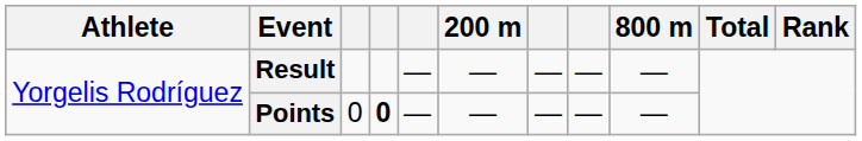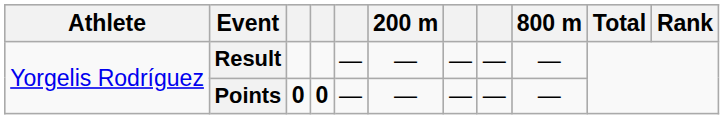 <table class=wikitable style=font-size:90%;text-align:center>
 <tr>
 <th>Athlete</th>
 <th>Event</th>
 <th></th>
 <th></th>
 <th></th>
 <th>200 m</th>
 <th></th>
 <th></th>
 <th>800 m</th>
 <th>Total</th>
 <th>Rank</th>
 </tr>
 <tr>
 <td rowspan=2 align=left><a href='#'>Yorgelis Rodríguez</a></td>
 <th style=font-size:95%>Result</th>
 <td></td>
 <td></td>
 <td>—</td>
 <td>—</td>
 <td>—</td>
 <td>—</td>
 <td>—</td>
 <td rowspan=2 colspan=2></td>
 </tr>
 <tr>
 <th style=font-size:95%>Points</th>
-<td>0</td>
+<td><strong>0</strong></td>
 <td><strong>0</strong></td>
 <td>—</td>
 <td>—</td>
 <td>—</td>
 <td>—</td>
 <td>—</td>
 </tr>
 </table>
